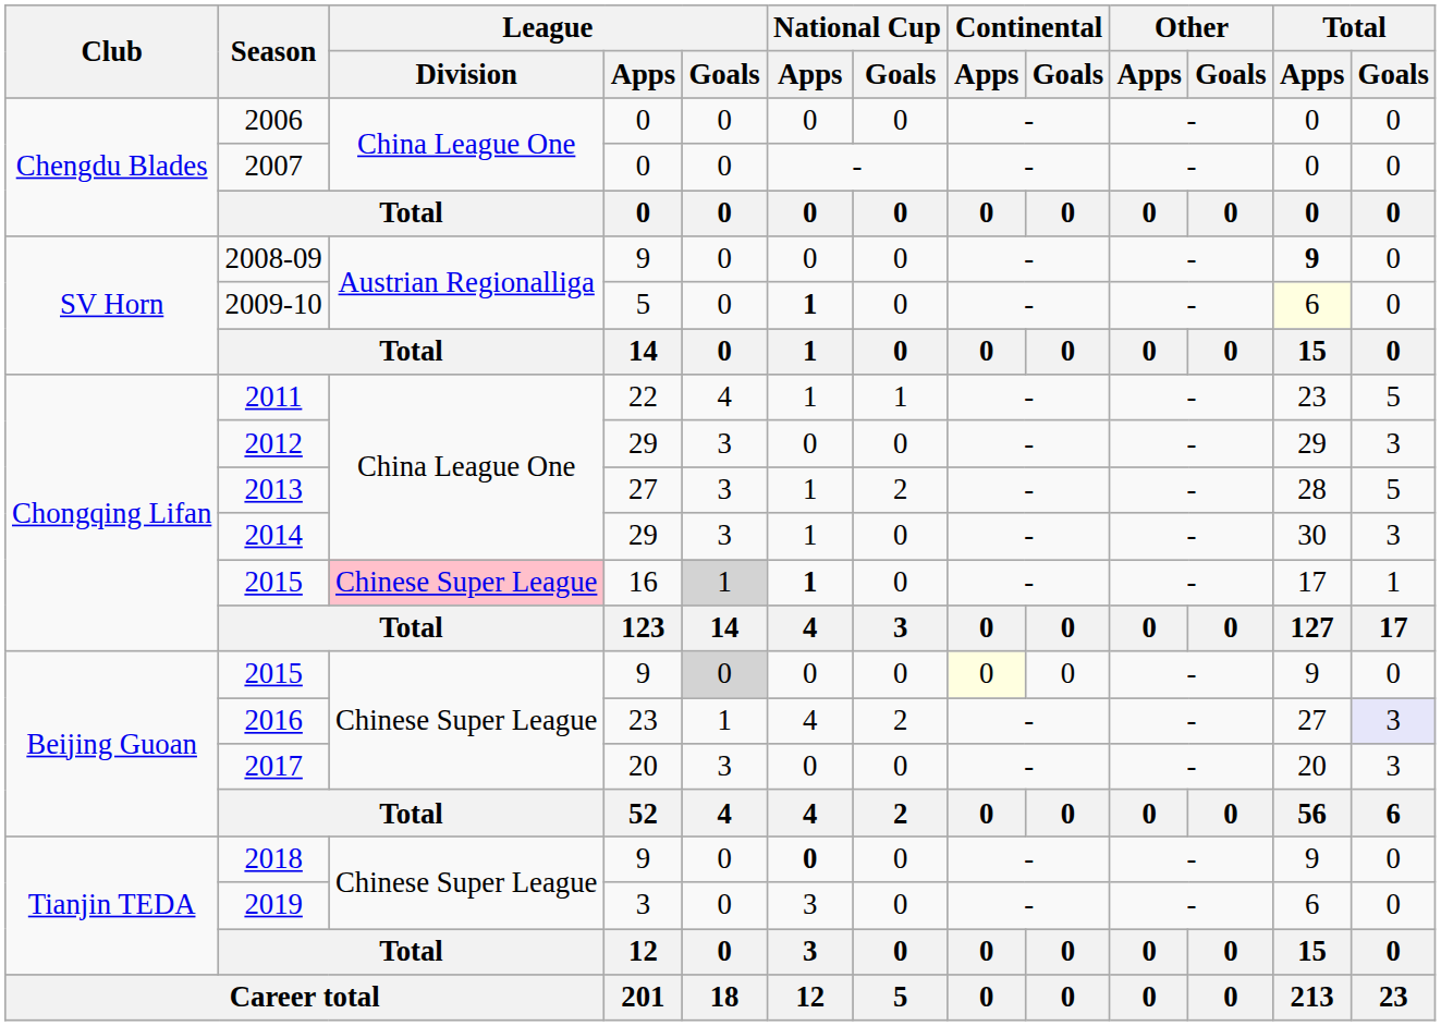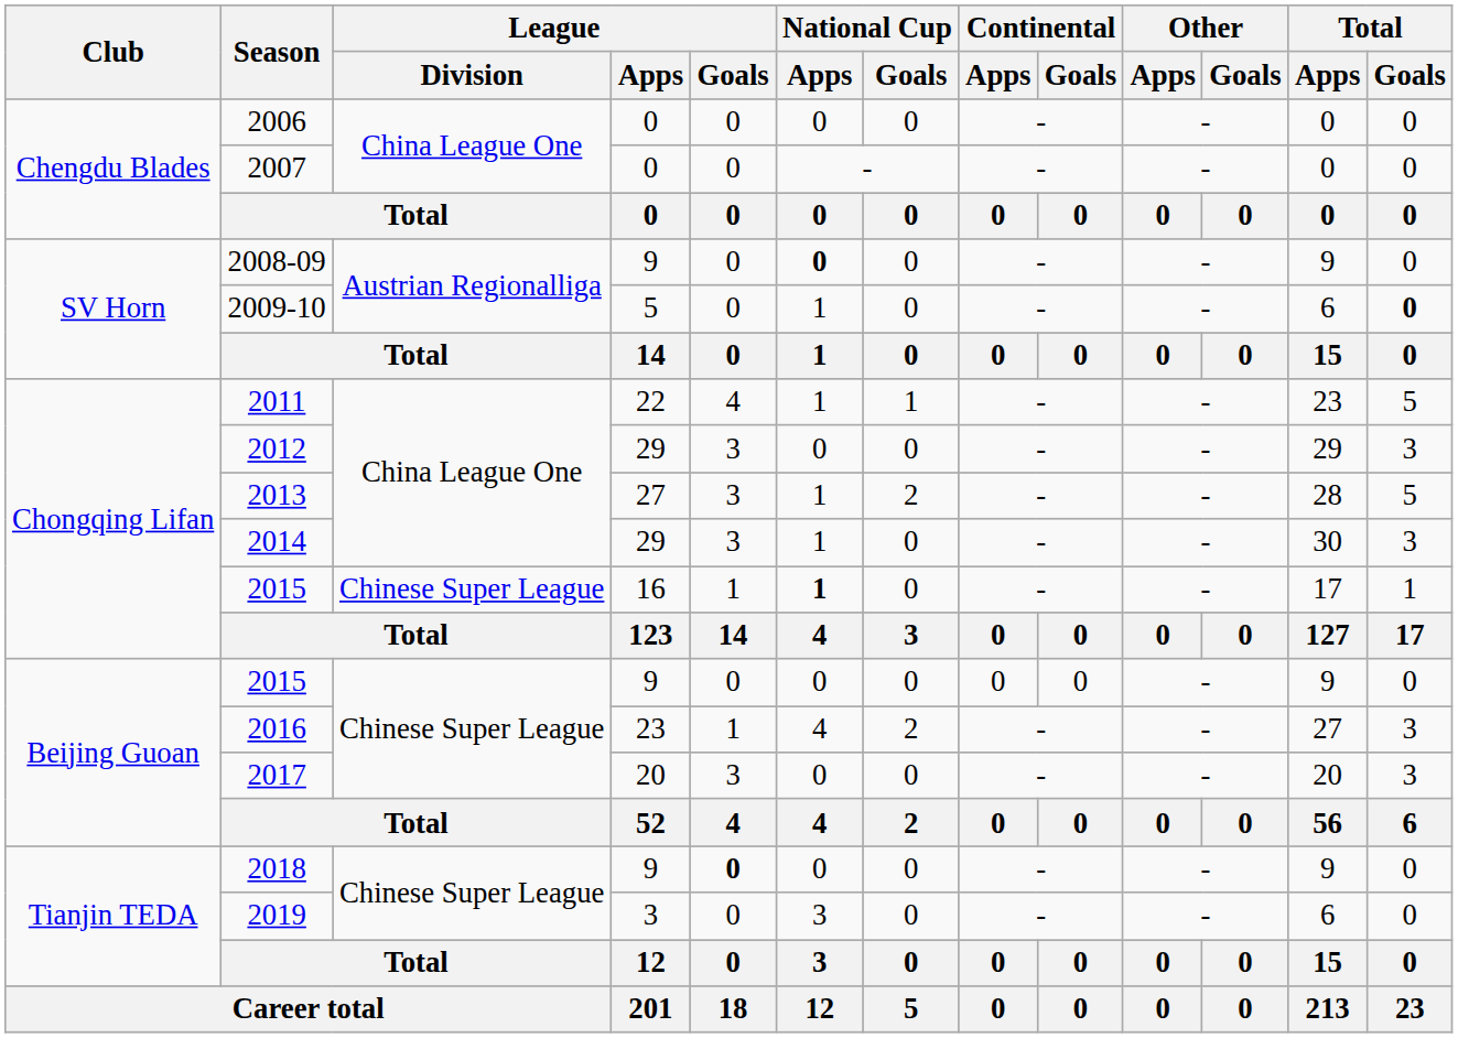 <table class="wikitable" style="text-align: center">
 <tr>
 <th rowspan="2">Club</th>
 <th rowspan="2">Season</th>
 <th colspan="3">League</th>
 <th colspan="2">National Cup</th>
 <th colspan="2">Continental</th>
 <th colspan="2">Other</th>
 <th colspan="2">Total</th>
 </tr>
 <tr>
 <th>Division</th>
 <th>Apps</th>
 <th>Goals</th>
 <th>Apps</th>
 <th>Goals</th>
 <th>Apps</th>
 <th>Goals</th>
 <th>Apps</th>
 <th>Goals</th>
 <th>Apps</th>
 <th>Goals</th>
 </tr>
 <tr>
 <td rowspan=3><a href='#'>Chengdu Blades</a></td>
 <td>2006</td>
 <td rowspan="2"><a href='#'>China League One</a></td>
 <td>0</td>
 <td>0</td>
 <td>0</td>
 <td>0</td>
 <td colspan="2">-</td>
 <td colspan="2">-</td>
 <td>0</td>
 <td>0</td>
 </tr>
 <tr>
 <td>2007</td>
 <td>0</td>
 <td>0</td>
 <td colspan="2">-</td>
 <td colspan="2">-</td>
 <td colspan="2">-</td>
 <td>0</td>
 <td>0</td>
 </tr>
 <tr>
 <th colspan=2>Total</th>
 <th>0</th>
 <th>0</th>
 <th>0</th>
 <th>0</th>
 <th>0</th>
 <th>0</th>
 <th>0</th>
 <th>0</th>
 <th>0</th>
 <th>0</th>
 </tr>
 <tr>
 <td rowspan=3><a href='#'>SV Horn</a></td>
 <td>2008-09</td>
 <td rowspan="2"><a href='#'>Austrian Regionalliga</a></td>
 <td>9</td>
 <td>0</td>
-<td>0</td>
+<td><strong>0</strong></td>
 <td>0</td>
 <td colspan="2">-</td>
 <td colspan="2">-</td>
-<td><strong>9</strong></td>
+<td>9</td>
 <td>0</td>
 </tr>
 <tr>
 <td>2009-10</td>
 <td>5</td>
 <td>0</td>
-<td><strong>1</strong></td>
+<td>1</td>
 <td>0</td>
 <td colspan="2">-</td>
 <td colspan="2">-</td>
-<td style="background: lightyellow;">6</td>
-<td>0</td>
+<td>6</td>
+<td><strong>0</strong></td>
 </tr>
 <tr>
 <th colspan=2>Total</th>
 <th>14</th>
 <th>0</th>
 <th>1</th>
 <th>0</th>
 <th>0</th>
 <th>0</th>
 <th>0</th>
 <th>0</th>
 <th>15</th>
 <th>0</th>
 </tr>
 <tr>
 <td rowspan=6><a href='#'>Chongqing Lifan</a></td>
 <td><a href='#'>2011</a></td>
 <td rowspan="4">China League One</td>
 <td>22</td>
 <td>4</td>
 <td>1</td>
 <td>1</td>
 <td colspan="2">-</td>
 <td colspan="2">-</td>
 <td>23</td>
 <td>5</td>
 </tr>
 <tr>
 <td><a href='#'>2012</a></td>
 <td>29</td>
 <td>3</td>
 <td>0</td>
 <td>0</td>
 <td colspan="2">-</td>
 <td colspan="2">-</td>
 <td>29</td>
 <td>3</td>
 </tr>
 <tr>
 <td><a href='#'>2013</a></td>
 <td>27</td>
 <td>3</td>
 <td>1</td>
 <td>2</td>
 <td colspan="2">-</td>
 <td colspan="2">-</td>
 <td>28</td>
 <td>5</td>
 </tr>
 <tr>
 <td><a href='#'>2014</a></td>
 <td>29</td>
 <td>3</td>
 <td>1</td>
 <td>0</td>
 <td colspan="2">-</td>
 <td colspan="2">-</td>
 <td>30</td>
 <td>3</td>
 </tr>
 <tr>
 <td><a href='#'>2015</a></td>
-<td style="background: pink;"><a href='#'>Chinese Super League</a></td>
+<td><a href='#'>Chinese Super League</a></td>
 <td>16</td>
-<td style="background: lightgrey;">1</td>
+<td>1</td>
 <td><strong>1</strong></td>
 <td>0</td>
 <td colspan="2">-</td>
 <td colspan="2">-</td>
 <td>17</td>
 <td>1</td>
 </tr>
 <tr>
 <th colspan=2>Total</th>
 <th>123</th>
 <th>14</th>
 <th>4</th>
 <th>3</th>
 <th>0</th>
 <th>0</th>
 <th>0</th>
 <th>0</th>
 <th>127</th>
 <th>17</th>
 </tr>
 <tr>
 <td rowspan=4><a href='#'>Beijing Guoan</a></td>
 <td><a href='#'>2015</a></td>
 <td rowspan=3>Chinese Super League</td>
 <td>9</td>
-<td style="background: lightgrey;">0</td>
 <td>0</td>
 <td>0</td>
-<td style="background: lightyellow;">0</td>
+<td>0</td>
+<td>0</td>
 <td>0</td>
 <td colspan="2">-</td>
 <td>9</td>
 <td>0</td>
 </tr>
 <tr>
 <td><a href='#'>2016</a></td>
 <td>23</td>
 <td>1</td>
 <td>4</td>
 <td>2</td>
 <td colspan="2">-</td>
 <td colspan="2">-</td>
 <td>27</td>
-<td style="background: lavender;">3</td>
+<td>3</td>
 </tr>
 <tr>
 <td><a href='#'>2017</a></td>
 <td>20</td>
 <td>3</td>
 <td>0</td>
 <td>0</td>
 <td colspan="2">-</td>
 <td colspan="2">-</td>
 <td>20</td>
 <td>3</td>
 </tr>
 <tr>
 <th colspan=2>Total</th>
 <th>52</th>
 <th>4</th>
 <th>4</th>
 <th>2</th>
 <th>0</th>
 <th>0</th>
 <th>0</th>
 <th>0</th>
 <th>56</th>
 <th>6</th>
 </tr>
 <tr>
 <td rowspan=3><a href='#'>Tianjin TEDA</a></td>
 <td><a href='#'>2018</a></td>
 <td rowspan=2>Chinese Super League</td>
 <td>9</td>
+<td><strong>0</strong></td>
 <td>0</td>
-<td><strong>0</strong></td>
 <td>0</td>
 <td colspan="2">-</td>
 <td colspan="2">-</td>
 <td>9</td>
 <td>0</td>
 </tr>
 <tr>
 <td><a href='#'>2019</a></td>
 <td>3</td>
 <td>0</td>
 <td>3</td>
 <td>0</td>
 <td colspan="2">-</td>
 <td colspan="2">-</td>
 <td>6</td>
 <td>0</td>
 </tr>
 <tr>
 <th colspan=2>Total</th>
 <th>12</th>
 <th>0</th>
 <th>3</th>
 <th>0</th>
 <th>0</th>
 <th>0</th>
 <th>0</th>
 <th>0</th>
 <th>15</th>
 <th>0</th>
 </tr>
 <tr>
 <th colspan=3>Career total</th>
 <th>201</th>
 <th>18</th>
 <th>12</th>
 <th>5</th>
 <th>0</th>
 <th>0</th>
 <th>0</th>
 <th>0</th>
 <th>213</th>
 <th>23</th>
 </tr>
 </table>
